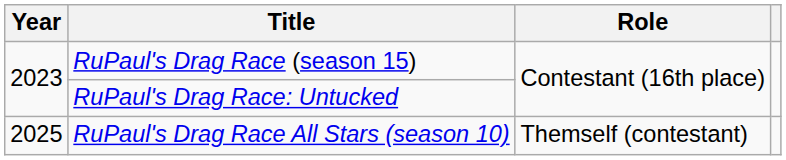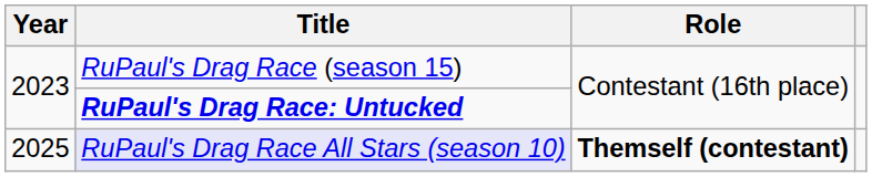 <table class="wikitable">
 <tr>
 <th>Year</th>
 <th>Title</th>
 <th>Role</th>
 <th style="text-align: center;" class="unsortable"></th>
 </tr>
 <tr>
 <td rowspan=2>2023</td>
 <td><em><a href='#'>RuPaul's Drag Race</a></em> (<a href='#'>season 15</a>)</td>
 <td rowspan="2">Contestant (16th place)</td>
 <td rowspan="2"></td>
 </tr>
 <tr>
-<td><em><a href='#'>RuPaul's Drag Race: Untucked</a></em></td>
+<td><strong><em><a href='#'>RuPaul's Drag Race: Untucked</a></em></strong></td>
 </tr>
 <tr>
 <td>2025</td>
-<td><em><a href='#'>RuPaul's Drag Race All Stars (season 10)</a></em></td>
-<td>Themself (contestant)</td>
+<td style="background: lavender;"><em><a href='#'>RuPaul's Drag Race All Stars (season 10)</a></em></td>
+<td><strong>Themself (contestant)</strong></td>
 <td></td>
 </tr>
 </table>
